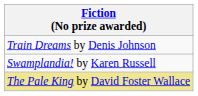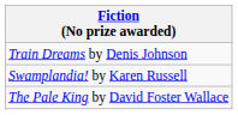 <table class="wikitable" style="float:left; float:none;">
 <tr>
 <th><a href='#'>Fiction</a><br>(No prize awarded)</th>
 </tr>
 <tr>
 <td><em><a href='#'>Train Dreams</a></em> by <a href='#'>Denis Johnson</a></td>
 </tr>
 <tr>
 <td><em><a href='#'>Swamplandia!</a></em> by <a href='#'>Karen Russell</a></td>
 </tr>
 <tr>
-<td style="background: khaki;"><em><a href='#'>The Pale King</a></em> by <a href='#'>David Foster Wallace</a></td>
+<td><em><a href='#'>The Pale King</a></em> by <a href='#'>David Foster Wallace</a></td>
 </tr>
 </table>
